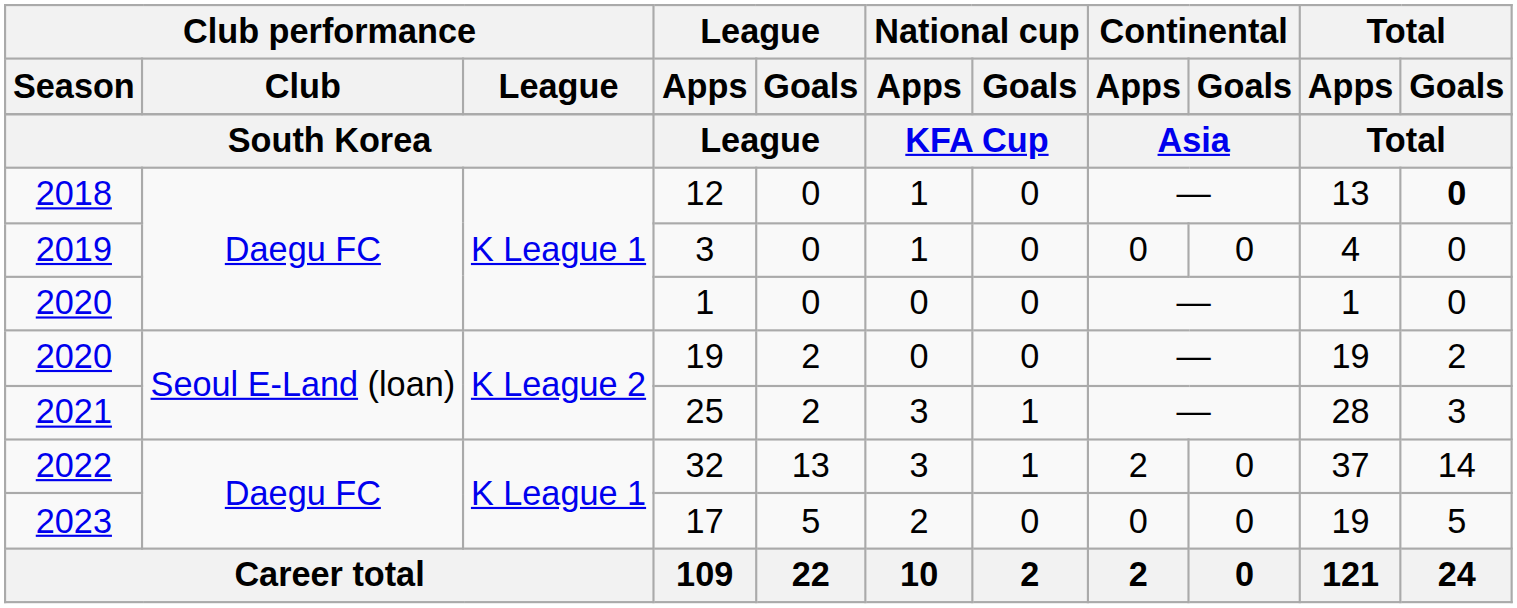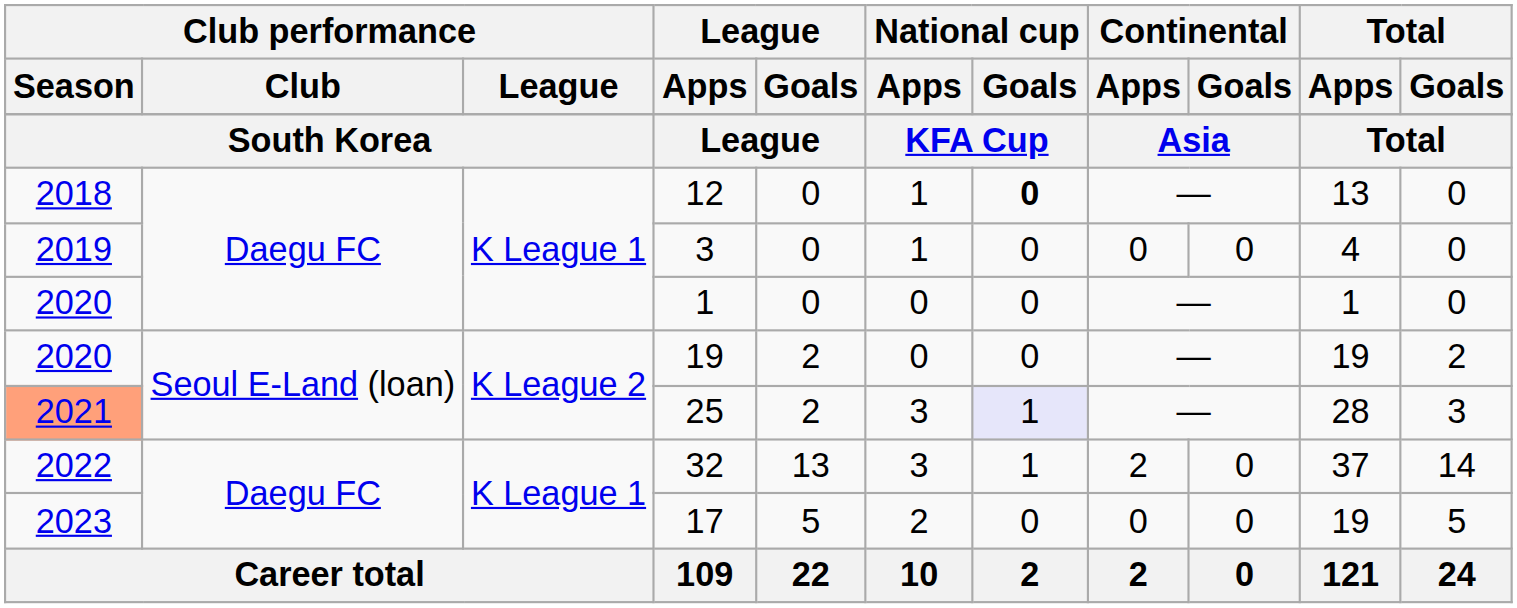 <table class="wikitable" style="text-align:center">
 <tr>
 <th colspan=3>Club performance</th>
 <th colspan=2>League</th>
 <th colspan=2>National cup</th>
 <th colspan=2>Continental</th>
 <th colspan=2>Total</th>
 </tr>
 <tr>
 <th>Season</th>
 <th>Club</th>
 <th>League</th>
 <th>Apps</th>
 <th>Goals</th>
 <th>Apps</th>
 <th>Goals</th>
 <th>Apps</th>
 <th>Goals</th>
 <th>Apps</th>
 <th>Goals</th>
 </tr>
 <tr>
 </tr>
 <tr>
 <th colspan=3>South Korea</th>
 <th colspan=2>League</th>
 <th colspan=2><a href='#'>KFA Cup</a></th>
 <th colspan=2><a href='#'>Asia</a></th>
 <th colspan=2>Total</th>
 </tr>
 <tr>
 <td><a href='#'>2018</a></td>
 <td rowspan="3"><a href='#'>Daegu FC</a></td>
 <td rowspan="3"><a href='#'>K League 1</a></td>
 <td>12</td>
 <td>0</td>
 <td>1</td>
-<td>0</td>
+<td><strong>0</strong></td>
 <td colspan="2">—</td>
 <td>13</td>
-<td><strong>0</strong></td>
+<td>0</td>
 </tr>
 <tr>
 <td><a href='#'>2019</a></td>
 <td>3</td>
 <td>0</td>
 <td>1</td>
 <td>0</td>
 <td>0</td>
 <td>0</td>
 <td>4</td>
 <td>0</td>
 </tr>
 <tr>
 <td><a href='#'>2020</a></td>
 <td>1</td>
 <td>0</td>
 <td>0</td>
 <td>0</td>
 <td colspan="2">—</td>
 <td>1</td>
 <td>0</td>
 </tr>
 <tr>
 <td><a href='#'>2020</a></td>
 <td rowspan="2"><a href='#'>Seoul E-Land</a> (loan)</td>
 <td rowspan="2"><a href='#'>K League 2</a></td>
 <td>19</td>
 <td>2</td>
 <td>0</td>
 <td>0</td>
 <td colspan="2">—</td>
 <td>19</td>
 <td>2</td>
 </tr>
 <tr>
-<td><a href='#'>2021</a></td>
+<td style="background: lightsalmon;"><a href='#'>2021</a></td>
 <td>25</td>
 <td>2</td>
 <td>3</td>
-<td>1</td>
+<td style="background: lavender;">1</td>
 <td colspan="2">—</td>
 <td>28</td>
 <td>3</td>
 </tr>
 <tr>
 <td><a href='#'>2022</a></td>
 <td rowspan="2"><a href='#'>Daegu FC</a></td>
 <td rowspan="2"><a href='#'>K League 1</a></td>
 <td>32</td>
 <td>13</td>
 <td>3</td>
 <td>1</td>
 <td>2</td>
 <td>0</td>
 <td>37</td>
 <td>14</td>
 </tr>
 <tr>
 <td><a href='#'>2023</a></td>
 <td>17</td>
 <td>5</td>
 <td>2</td>
 <td>0</td>
 <td>0</td>
 <td>0</td>
 <td>19</td>
 <td>5</td>
 </tr>
 <tr>
 <th colspan=3>Career total</th>
 <th>109</th>
 <th>22</th>
 <th>10</th>
 <th>2</th>
 <th>2</th>
 <th>0</th>
 <th>121</th>
 <th>24</th>
 </tr>
 </table>
